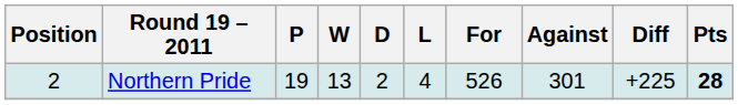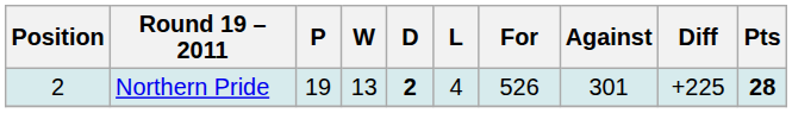 <table class="wikitable" style="text-align:center; font-size:85%;">
 <tr>
 <th width=40 abbr="Position">Position</th>
 <th width=100>Round 19 – 2011</th>
 <th width=20 abbr="Played">P</th>
 <th width=20 abbr="Won">W</th>
 <th width=20 abbr="Drawn">D</th>
 <th width=20 abbr="Lost">L</th>
 <th width=40 abbr="Points for">For</th>
 <th width=40 abbr="Points against">Against</th>
 <th width=40 abbr="Points difference">Diff</th>
 <th width=20 abbr="Points">Pts</th>
 </tr>
 <tr style="background: #d7ebed;">
 <td>2</td>
 <td style="text-align:left;"> <a href='#'>Northern Pride</a></td>
 <td>19</td>
 <td>13</td>
-<td>2</td>
+<td><strong>2</strong></td>
 <td>4</td>
 <td>526</td>
 <td>301</td>
 <td>+225</td>
 <td><strong>28</strong></td>
 </tr>
 <tr>
 </tr>
 </table>
